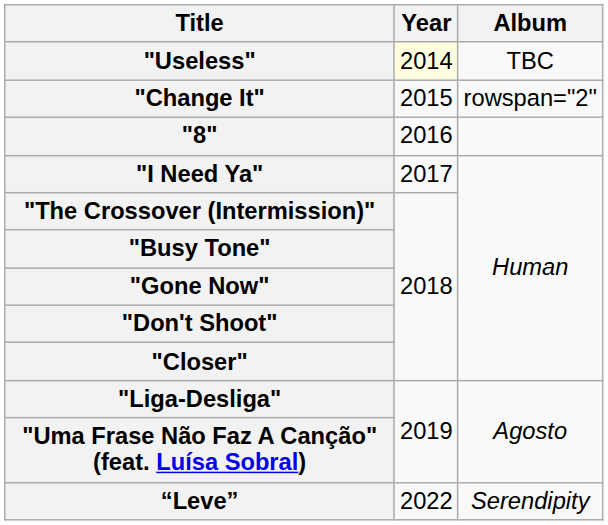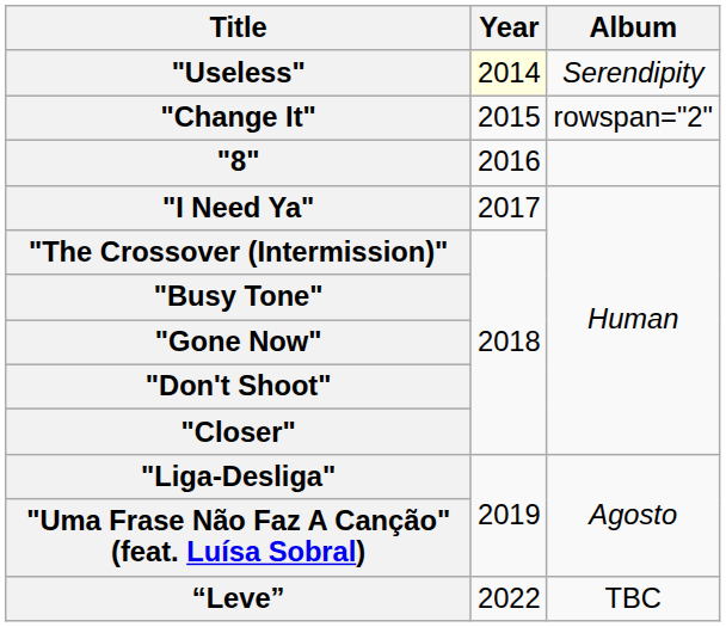 <table class="wikitable plainrowheaders" style="text-align:center;">
 <tr>
 <th scope="col" style="width:16em;">Title</th>
 <th scope="col" style="width:1em;">Year</th>
 <th scope="col">Album</th>
 </tr>
 <tr>
 <th scope="row">"Useless"</th>
 <td style="background: lightyellow;">2014</td>
-<td>TBC</td>
+<td><em>Serendipity</em></td>
 </tr>
 <tr>
 <th scope="row">"Change It"</th>
 <td>2015</td>
 <td>rowspan="2" </td>
 </tr>
 <tr>
 <th scope="row">"8"</th>
 <td>2016</td>
 </tr>
 <tr>
 <th scope="row">"I Need Ya"</th>
 <td>2017</td>
 <td rowspan="6"><em>Human</em></td>
 </tr>
 <tr>
 <th scope="row">"The Crossover (Intermission)"</th>
 <td rowspan="5">2018</td>
 </tr>
 <tr>
 <th scope="row">"Busy Tone"</th>
 </tr>
 <tr>
 <th scope="row">"Gone Now"</th>
 </tr>
 <tr>
 <th scope="row">"Don't Shoot"</th>
 </tr>
 <tr>
 <th scope="row">"Closer"</th>
 </tr>
 <tr>
 <th scope="row">"Liga-Desliga"</th>
 <td rowspan="2">2019</td>
 <td rowspan="2"><em>Agosto</em></td>
 </tr>
 <tr>
 <th scope="row">"Uma Frase Não Faz A Canção"<br><span>(feat. <a href='#'>Luísa Sobral</a>)</span></th>
 </tr>
 <tr>
 <th>“Leve”</th>
 <td>2022</td>
-<td><em>Serendipity</em></td>
+<td>TBC</td>
 </tr>
 </table>
